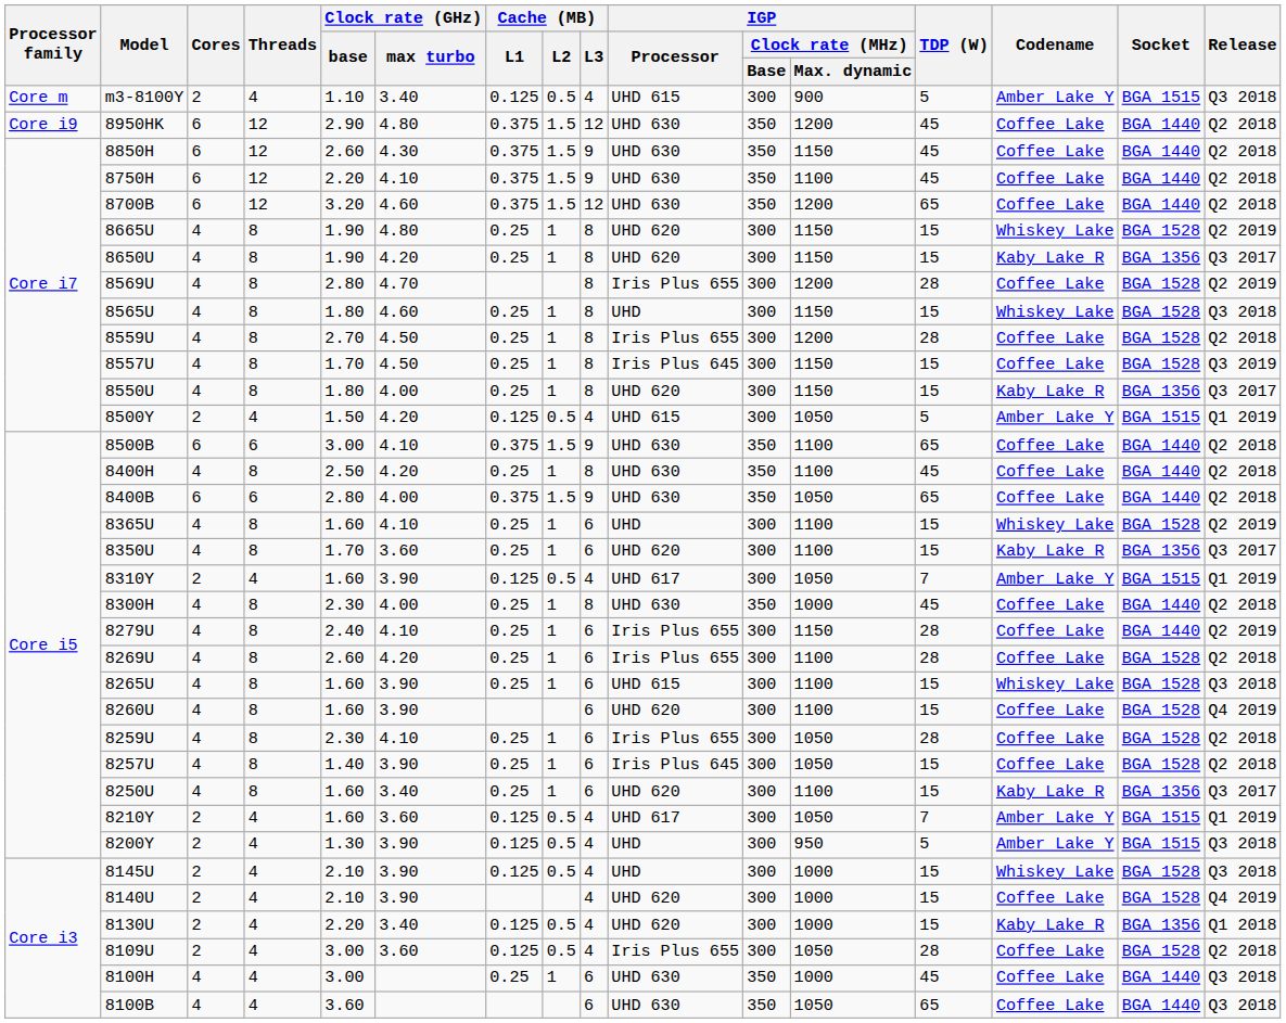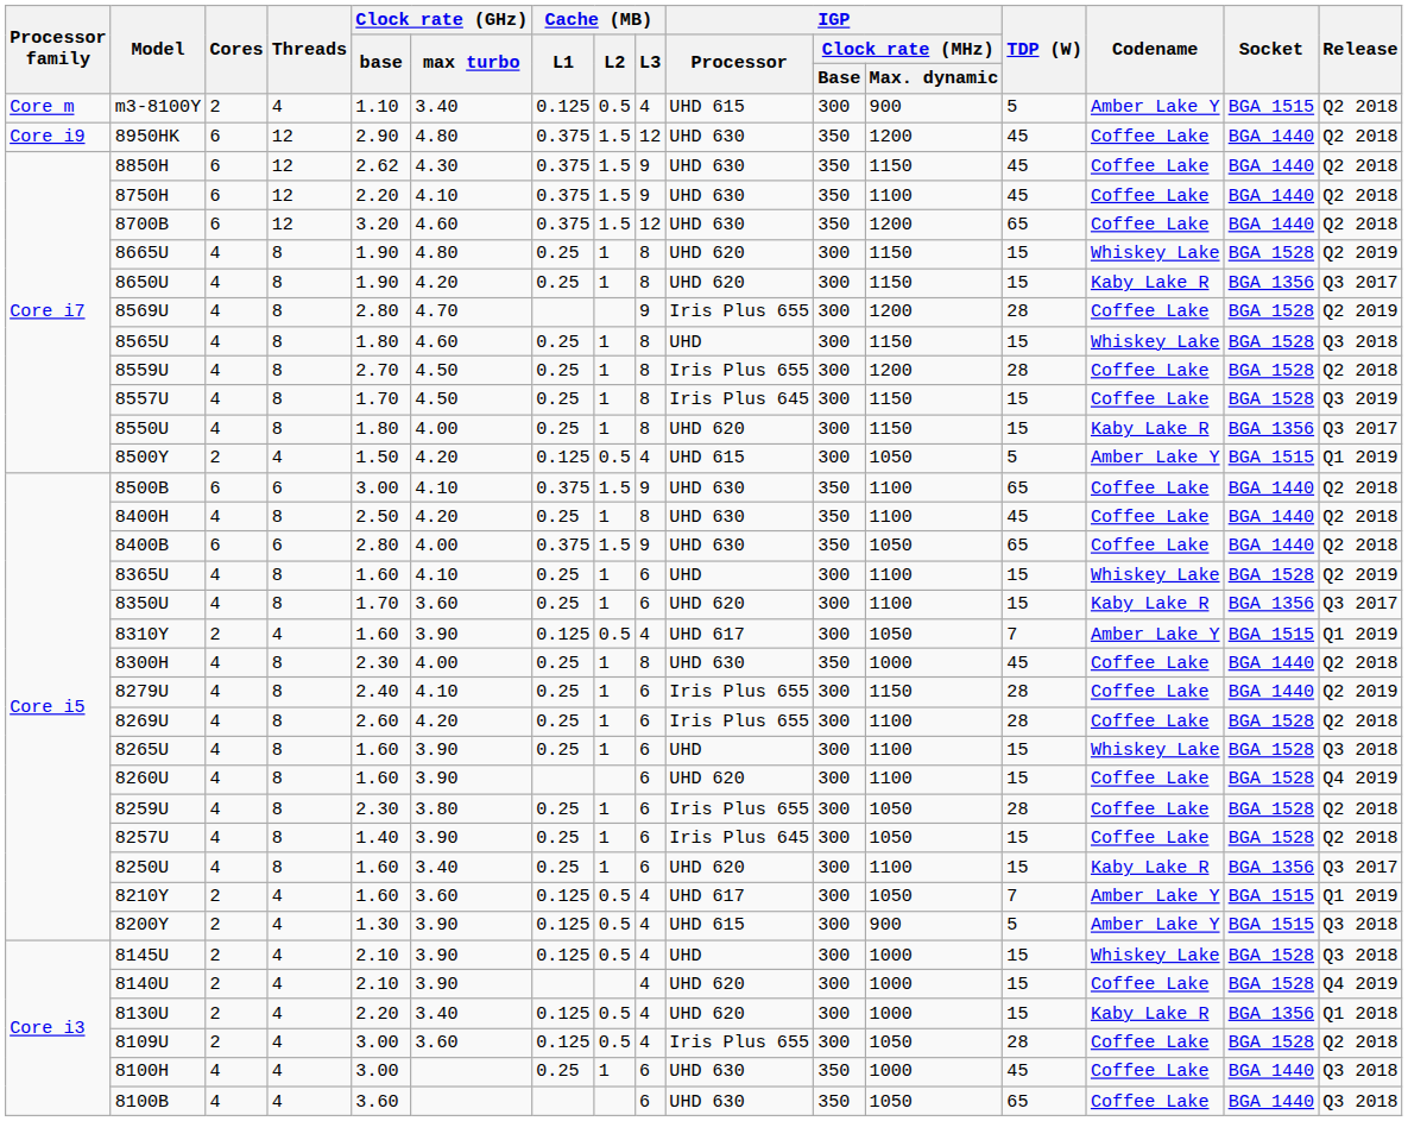 <table class="wikitable center sortable sort-under mw-collapsible">
 <tr>
 <th rowspan=3 data-sort-type=text>Processor <br>family</th>
 <th rowspan=3 data-sort-type=text>Model</th>
 <th rowspan=3 data-sort-type=number>Cores</th>
 <th rowspan=3 data-sort-type=number>Threads</th>
 <th colspan=2><a href='#'>Clock rate</a> (GHz)</th>
 <th colspan=3><a href='#'> Cache</a> (MB)</th>
 <th colspan=3><a href='#'> IGP</a></th>
 <th rowspan=3 data-sort-type=number><a href='#'> TDP</a> (W)</th>
 <th rowspan=3 data-sort-type=text>Code­name</th>
 <th rowspan=3 data-sort-type=text>Socket</th>
 <th rowspan=3 data-sort-type=date>Release</th>
 </tr>
 <tr>
 <th rowspan=2 data-sort-type=number>base</th>
 <th rowspan=2 data-sort-type=number>max <a href='#'> turbo</a></th>
 <th rowspan=2 data-sort-type=number>L1</th>
 <th rowspan=2 data-sort-type=number>L2</th>
 <th rowspan=2 data-sort-type=number>L3</th>
 <th rowspan=2 data-sort-type=text>Processor</th>
 <th colspan=2><a href='#'>Clock rate</a> (MHz)</th>
 </tr>
 <tr>
 <th data-sort-type=number>Base</th>
 <th data-sort-type=number>Max. dynamic</th>
 </tr>
 <tr>
 <td rowspan="1"><a href='#'>Core m</a></td>
 <td>m3-8100Y</td>
 <td>2</td>
 <td>4</td>
 <td>1.10</td>
 <td>3.40</td>
 <td>0.125</td>
 <td>0.5</td>
 <td>4</td>
 <td>UHD 615</td>
 <td>300</td>
 <td>900</td>
 <td>5</td>
 <td><a href='#'>Amber Lake Y</a></td>
 <td><a href='#'>BGA 1515</a></td>
-<td>Q3 2018</td>
+<td>Q2 2018</td>
 </tr>
 <tr>
 <td rowspan="1"><a href='#'>Core i9</a></td>
 <td>8950HK</td>
 <td>6</td>
 <td>12</td>
 <td>2.90</td>
 <td>4.80</td>
 <td>0.375</td>
 <td>1.5</td>
 <td>12</td>
 <td>UHD 630</td>
 <td>350</td>
 <td>1200</td>
 <td>45</td>
 <td><a href='#'>Coffee Lake</a></td>
 <td><a href='#'>BGA 1440</a></td>
 <td>Q2 2018</td>
 </tr>
 <tr>
 <td rowspan="11"><a href='#'>Core i7</a></td>
 <td>8850H</td>
 <td>6</td>
 <td>12</td>
-<td>2.60</td>
+<td>2.62</td>
 <td>4.30</td>
 <td>0.375</td>
 <td>1.5</td>
 <td>9</td>
 <td>UHD 630</td>
 <td>350</td>
 <td>1150</td>
 <td>45</td>
 <td><a href='#'>Coffee Lake</a></td>
 <td><a href='#'>BGA 1440</a></td>
 <td>Q2 2018</td>
 </tr>
 <tr>
 <td>8750H</td>
 <td>6</td>
 <td>12</td>
 <td>2.20</td>
 <td>4.10</td>
 <td>0.375</td>
 <td>1.5</td>
 <td>9</td>
 <td>UHD 630</td>
 <td>350</td>
 <td>1100</td>
 <td>45</td>
 <td><a href='#'>Coffee Lake</a></td>
 <td><a href='#'>BGA 1440</a></td>
 <td>Q2 2018</td>
 </tr>
 <tr>
 <td>8700B</td>
 <td>6</td>
 <td>12</td>
 <td>3.20</td>
 <td>4.60</td>
 <td>0.375</td>
 <td>1.5</td>
 <td>12</td>
 <td>UHD 630</td>
 <td>350</td>
 <td>1200</td>
 <td>65</td>
 <td><a href='#'>Coffee Lake</a></td>
 <td><a href='#'>BGA 1440</a></td>
 <td>Q2 2018</td>
 </tr>
 <tr>
 <td>8665U</td>
 <td>4</td>
 <td>8</td>
 <td>1.90</td>
 <td>4.80</td>
 <td>0.25</td>
 <td>1</td>
 <td>8</td>
 <td>UHD 620</td>
 <td>300</td>
 <td>1150</td>
 <td>15</td>
 <td><a href='#'>Whiskey Lake</a></td>
 <td><a href='#'>BGA 1528</a></td>
 <td>Q2 2019</td>
 </tr>
 <tr>
 <td>8650U</td>
 <td>4</td>
 <td>8</td>
 <td>1.90</td>
 <td>4.20</td>
 <td>0.25</td>
 <td>1</td>
 <td>8</td>
 <td>UHD 620</td>
 <td>300</td>
 <td>1150</td>
 <td>15</td>
 <td><a href='#'>Kaby Lake R</a></td>
 <td><a href='#'>BGA 1356</a></td>
 <td>Q3 2017</td>
 </tr>
 <tr>
 <td>8569U</td>
 <td>4</td>
 <td>8</td>
 <td>2.80</td>
 <td>4.70</td>
 <td></td>
 <td></td>
-<td>8</td>
+<td>9</td>
 <td>Iris Plus 655</td>
 <td>300</td>
 <td>1200</td>
 <td>28</td>
 <td><a href='#'>Coffee Lake</a></td>
 <td><a href='#'>BGA 1528</a></td>
 <td>Q2 2019</td>
 </tr>
 <tr>
 <td>8565U</td>
 <td>4</td>
 <td>8</td>
 <td>1.80</td>
 <td>4.60</td>
 <td>0.25</td>
 <td>1</td>
 <td>8</td>
 <td>UHD</td>
 <td>300</td>
 <td>1150</td>
 <td>15</td>
 <td><a href='#'>Whiskey Lake</a></td>
 <td><a href='#'>BGA 1528</a></td>
 <td>Q3 2018</td>
 </tr>
 <tr>
 <td>8559U</td>
 <td>4</td>
 <td>8</td>
 <td>2.70</td>
 <td>4.50</td>
 <td>0.25</td>
 <td>1</td>
 <td>8</td>
 <td>Iris Plus 655</td>
 <td>300</td>
 <td>1200</td>
 <td>28</td>
 <td><a href='#'>Coffee Lake</a></td>
 <td><a href='#'>BGA 1528</a></td>
 <td>Q2 2018</td>
 </tr>
 <tr>
 <td>8557U</td>
 <td>4</td>
 <td>8</td>
 <td>1.70</td>
 <td>4.50</td>
 <td>0.25</td>
 <td>1</td>
 <td>8</td>
 <td>Iris Plus 645</td>
 <td>300</td>
 <td>1150</td>
 <td>15</td>
 <td><a href='#'>Coffee Lake</a></td>
 <td><a href='#'>BGA 1528</a></td>
 <td>Q3 2019</td>
 </tr>
 <tr>
 <td>8550U</td>
 <td>4</td>
 <td>8</td>
 <td>1.80</td>
 <td>4.00</td>
 <td>0.25</td>
 <td>1</td>
 <td>8</td>
 <td>UHD 620</td>
 <td>300</td>
 <td>1150</td>
 <td>15</td>
 <td><a href='#'>Kaby Lake R</a></td>
 <td><a href='#'>BGA 1356</a></td>
 <td>Q3 2017</td>
 </tr>
 <tr>
 <td>8500Y</td>
 <td>2</td>
 <td>4</td>
 <td>1.50</td>
 <td>4.20</td>
 <td>0.125</td>
 <td>0.5</td>
 <td>4</td>
 <td>UHD 615</td>
 <td>300</td>
 <td>1050</td>
 <td>5</td>
 <td><a href='#'>Amber Lake Y</a></td>
 <td><a href='#'>BGA 1515</a></td>
 <td>Q1 2019</td>
 </tr>
 <tr>
 <td rowspan="16"><a href='#'>Core i5</a></td>
 <td>8500B</td>
 <td>6</td>
 <td>6</td>
 <td>3.00</td>
 <td>4.10</td>
 <td>0.375</td>
 <td>1.5</td>
 <td>9</td>
 <td>UHD 630</td>
 <td>350</td>
 <td>1100</td>
 <td>65</td>
 <td><a href='#'>Coffee Lake</a></td>
 <td><a href='#'>BGA 1440</a></td>
 <td>Q2 2018</td>
 </tr>
 <tr>
 <td>8400H</td>
 <td>4</td>
 <td>8</td>
 <td>2.50</td>
 <td>4.20</td>
 <td>0.25</td>
 <td>1</td>
 <td>8</td>
 <td>UHD 630</td>
 <td>350</td>
 <td>1100</td>
 <td>45</td>
 <td><a href='#'>Coffee Lake</a></td>
 <td><a href='#'>BGA 1440</a></td>
 <td>Q2 2018</td>
 </tr>
 <tr>
 <td>8400B</td>
 <td>6</td>
 <td>6</td>
 <td>2.80</td>
 <td>4.00</td>
 <td>0.375</td>
 <td>1.5</td>
 <td>9</td>
 <td>UHD 630</td>
 <td>350</td>
 <td>1050</td>
 <td>65</td>
 <td><a href='#'>Coffee Lake</a></td>
 <td><a href='#'>BGA 1440</a></td>
 <td>Q2 2018</td>
 </tr>
 <tr>
 <td>8365U</td>
 <td>4</td>
 <td>8</td>
 <td>1.60</td>
 <td>4.10</td>
 <td>0.25</td>
 <td>1</td>
 <td>6</td>
 <td>UHD</td>
 <td>300</td>
 <td>1100</td>
 <td>15</td>
 <td><a href='#'>Whiskey Lake</a></td>
 <td><a href='#'>BGA 1528</a></td>
 <td>Q2 2019</td>
 </tr>
 <tr>
 <td>8350U</td>
 <td>4</td>
 <td>8</td>
 <td>1.70</td>
 <td>3.60</td>
 <td>0.25</td>
 <td>1</td>
 <td>6</td>
 <td>UHD 620</td>
 <td>300</td>
 <td>1100</td>
 <td>15</td>
 <td><a href='#'>Kaby Lake R</a></td>
 <td><a href='#'>BGA 1356</a></td>
 <td>Q3 2017</td>
 </tr>
 <tr>
 <td>8310Y</td>
 <td>2</td>
 <td>4</td>
 <td>1.60</td>
 <td>3.90</td>
 <td>0.125</td>
 <td>0.5</td>
 <td>4</td>
 <td>UHD 617</td>
 <td>300</td>
 <td>1050</td>
 <td>7</td>
 <td><a href='#'>Amber Lake Y</a></td>
 <td><a href='#'>BGA 1515</a></td>
 <td>Q1 2019</td>
 </tr>
 <tr>
 <td>8300H</td>
 <td>4</td>
 <td>8</td>
 <td>2.30</td>
 <td>4.00</td>
 <td>0.25</td>
 <td>1</td>
 <td>8</td>
 <td>UHD 630</td>
 <td>350</td>
 <td>1000</td>
 <td>45</td>
 <td><a href='#'>Coffee Lake</a></td>
 <td><a href='#'>BGA 1440</a></td>
 <td>Q2 2018</td>
 </tr>
 <tr>
 <td>8279U</td>
 <td>4</td>
 <td>8</td>
 <td>2.40</td>
 <td>4.10</td>
 <td>0.25</td>
 <td>1</td>
 <td>6</td>
 <td>Iris Plus 655</td>
 <td>300</td>
 <td>1150</td>
 <td>28</td>
 <td><a href='#'>Coffee Lake</a></td>
 <td><a href='#'>BGA 1440</a></td>
 <td>Q2 2019</td>
 </tr>
 <tr>
 <td>8269U</td>
 <td>4</td>
 <td>8</td>
 <td>2.60</td>
 <td>4.20</td>
 <td>0.25</td>
 <td>1</td>
 <td>6</td>
 <td>Iris Plus 655</td>
 <td>300</td>
 <td>1100</td>
 <td>28</td>
 <td><a href='#'>Coffee Lake</a></td>
 <td><a href='#'>BGA 1528</a></td>
 <td>Q2 2018</td>
 </tr>
 <tr>
 <td>8265U</td>
 <td>4</td>
 <td>8</td>
 <td>1.60</td>
 <td>3.90</td>
 <td>0.25</td>
 <td>1</td>
 <td>6</td>
-<td>UHD 615</td>
+<td>UHD</td>
 <td>300</td>
 <td>1100</td>
 <td>15</td>
 <td><a href='#'>Whiskey Lake</a></td>
 <td><a href='#'>BGA 1528</a></td>
 <td>Q3 2018</td>
 </tr>
 <tr>
 <td>8260U</td>
 <td>4</td>
 <td>8</td>
 <td>1.60</td>
 <td>3.90</td>
 <td></td>
 <td></td>
 <td>6</td>
 <td>UHD 620</td>
 <td>300</td>
 <td>1100</td>
 <td>15</td>
 <td><a href='#'>Coffee Lake</a></td>
 <td><a href='#'>BGA 1528</a></td>
 <td>Q4 2019</td>
 </tr>
 <tr>
 <td>8259U</td>
 <td>4</td>
 <td>8</td>
 <td>2.30</td>
-<td>4.10</td>
+<td>3.80</td>
 <td>0.25</td>
 <td>1</td>
 <td>6</td>
 <td>Iris Plus 655</td>
 <td>300</td>
 <td>1050</td>
 <td>28</td>
 <td><a href='#'>Coffee Lake</a></td>
 <td><a href='#'>BGA 1528</a></td>
 <td>Q2 2018</td>
 </tr>
 <tr>
 <td>8257U</td>
 <td>4</td>
 <td>8</td>
 <td>1.40</td>
 <td>3.90</td>
 <td>0.25</td>
 <td>1</td>
 <td>6</td>
 <td>Iris Plus 645</td>
 <td>300</td>
 <td>1050</td>
 <td>15</td>
 <td><a href='#'>Coffee Lake</a></td>
 <td><a href='#'>BGA 1528</a></td>
 <td>Q2 2018</td>
 </tr>
 <tr>
 <td>8250U</td>
 <td>4</td>
 <td>8</td>
 <td>1.60</td>
 <td>3.40</td>
 <td>0.25</td>
 <td>1</td>
 <td>6</td>
 <td>UHD 620</td>
 <td>300</td>
 <td>1100</td>
 <td>15</td>
 <td><a href='#'>Kaby Lake R</a></td>
 <td><a href='#'>BGA 1356</a></td>
 <td>Q3 2017</td>
 </tr>
 <tr>
 <td>8210Y</td>
 <td>2</td>
 <td>4</td>
 <td>1.60</td>
 <td>3.60</td>
 <td>0.125</td>
 <td>0.5</td>
 <td>4</td>
 <td>UHD 617</td>
 <td>300</td>
 <td>1050</td>
 <td>7</td>
 <td><a href='#'>Amber Lake Y</a></td>
 <td><a href='#'>BGA 1515</a></td>
 <td>Q1 2019</td>
 </tr>
 <tr>
 <td>8200Y</td>
 <td>2</td>
 <td>4</td>
 <td>1.30</td>
 <td>3.90</td>
 <td>0.125</td>
 <td>0.5</td>
 <td>4</td>
-<td>UHD</td>
+<td>UHD 615</td>
 <td>300</td>
-<td>950</td>
+<td>900</td>
 <td>5</td>
 <td><a href='#'>Amber Lake Y</a></td>
 <td><a href='#'>BGA 1515</a></td>
 <td>Q3 2018</td>
 </tr>
 <tr>
 <td rowspan="6"><a href='#'>Core i3</a></td>
 <td>8145U</td>
 <td>2</td>
 <td>4</td>
 <td>2.10</td>
 <td>3.90</td>
 <td>0.125</td>
 <td>0.5</td>
 <td>4</td>
 <td>UHD</td>
 <td>300</td>
 <td>1000</td>
 <td>15</td>
 <td><a href='#'>Whiskey Lake</a></td>
 <td><a href='#'>BGA 1528</a></td>
 <td>Q3 2018</td>
 </tr>
 <tr>
 <td>8140U</td>
 <td>2</td>
 <td>4</td>
 <td>2.10</td>
 <td>3.90</td>
 <td></td>
 <td></td>
 <td>4</td>
 <td>UHD 620</td>
 <td>300</td>
 <td>1000</td>
 <td>15</td>
 <td><a href='#'>Coffee Lake</a></td>
 <td><a href='#'>BGA 1528</a></td>
 <td>Q4 2019</td>
 </tr>
 <tr>
 <td>8130U</td>
 <td>2</td>
 <td>4</td>
 <td>2.20</td>
 <td>3.40</td>
 <td>0.125</td>
 <td>0.5</td>
 <td>4</td>
 <td>UHD 620</td>
 <td>300</td>
 <td>1000</td>
 <td>15</td>
 <td><a href='#'>Kaby Lake R</a></td>
 <td><a href='#'>BGA 1356</a></td>
 <td>Q1 2018</td>
 </tr>
 <tr>
 <td>8109U</td>
 <td>2</td>
 <td>4</td>
 <td>3.00</td>
 <td>3.60</td>
 <td>0.125</td>
 <td>0.5</td>
 <td>4</td>
 <td>Iris Plus 655</td>
 <td>300</td>
 <td>1050</td>
 <td>28</td>
 <td><a href='#'>Coffee Lake</a></td>
 <td><a href='#'>BGA 1528</a></td>
 <td>Q2 2018</td>
 </tr>
 <tr>
 <td>8100H</td>
 <td>4</td>
 <td>4</td>
 <td>3.00</td>
 <td></td>
 <td>0.25</td>
 <td>1</td>
 <td>6</td>
 <td>UHD 630</td>
 <td>350</td>
 <td>1000</td>
 <td>45</td>
 <td><a href='#'>Coffee Lake</a></td>
 <td><a href='#'>BGA 1440</a></td>
 <td>Q3 2018</td>
 </tr>
 <tr>
 <td>8100B</td>
 <td>4</td>
 <td>4</td>
 <td>3.60</td>
 <td></td>
 <td></td>
 <td></td>
 <td>6</td>
 <td>UHD 630</td>
 <td>350</td>
 <td>1050</td>
 <td>65</td>
 <td><a href='#'>Coffee Lake</a></td>
 <td><a href='#'>BGA 1440</a></td>
 <td>Q3 2018</td>
 </tr>
 </table>
